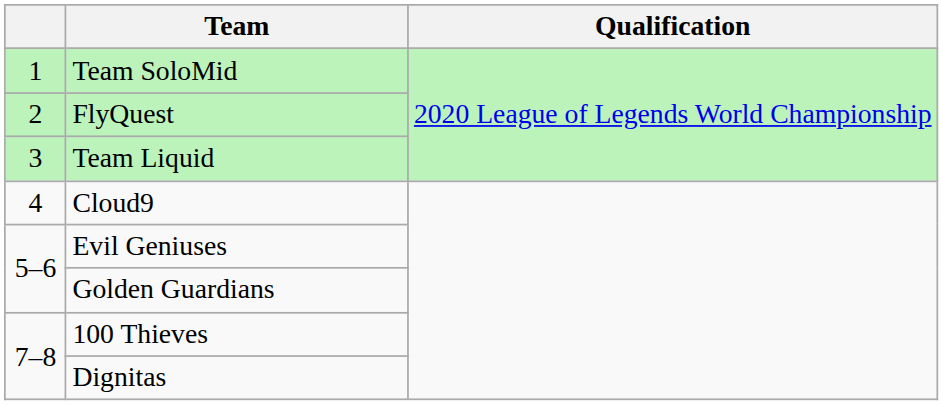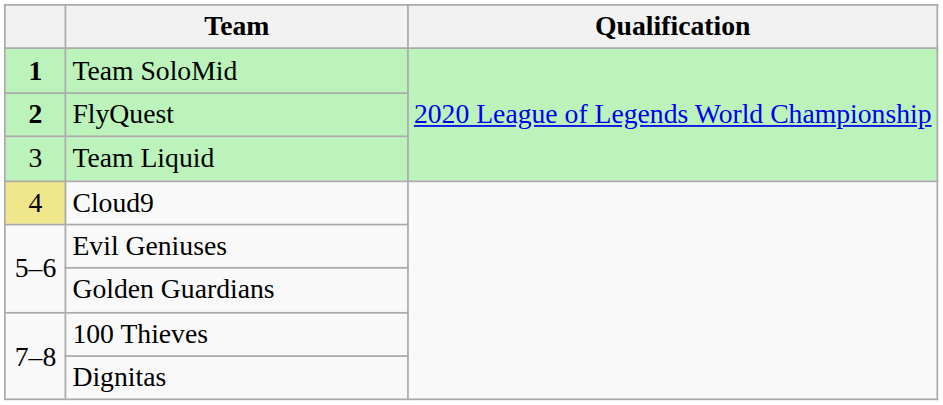 <table class="wikitable" style="text-align:center">
 <tr>
 <th width=28></th>
 <th width=190>Team</th>
 <th>Qualification</th>
 </tr>
 <tr style="background-color:#BBF3BB;">
-<td>1</td>
+<td><strong>1</strong></td>
 <td style="text-align:left">Team SoloMid</td>
 <td rowspan="3"><a href='#'>2020 League of Legends World Championship</a></td>
 </tr>
 <tr style="background-color:#BBF3BB;">
-<td>2</td>
+<td><strong>2</strong></td>
 <td style="text-align:left">FlyQuest</td>
 </tr>
 <tr style="background-color:#BBF3BB;">
 <td>3</td>
 <td style="text-align:left">Team Liquid</td>
 </tr>
 <tr>
-<td>4</td>
+<td style="background: khaki;">4</td>
 <td style="text-align:left">Cloud9</td>
 <td rowspan="5"></td>
 </tr>
 <tr>
 <td rowspan="2">5–6</td>
 <td style="text-align:left">Evil Geniuses</td>
 </tr>
 <tr>
 <td style="text-align:left">Golden Guardians</td>
 </tr>
 <tr>
 <td rowspan="2">7–8</td>
 <td style="text-align:left">100 Thieves</td>
 </tr>
 <tr>
 <td style="text-align:left">Dignitas</td>
 </tr>
 </table>
